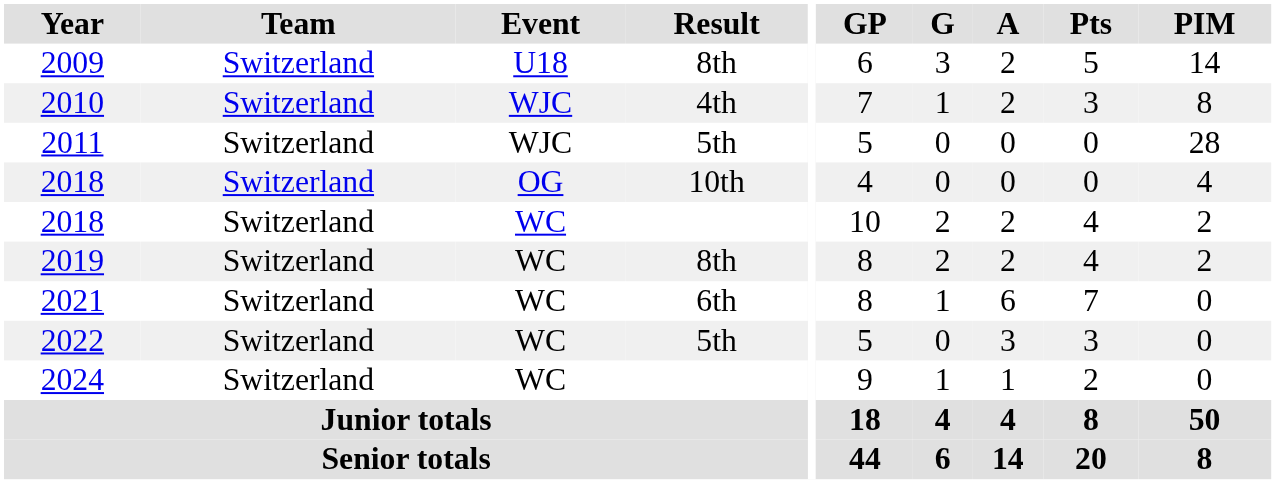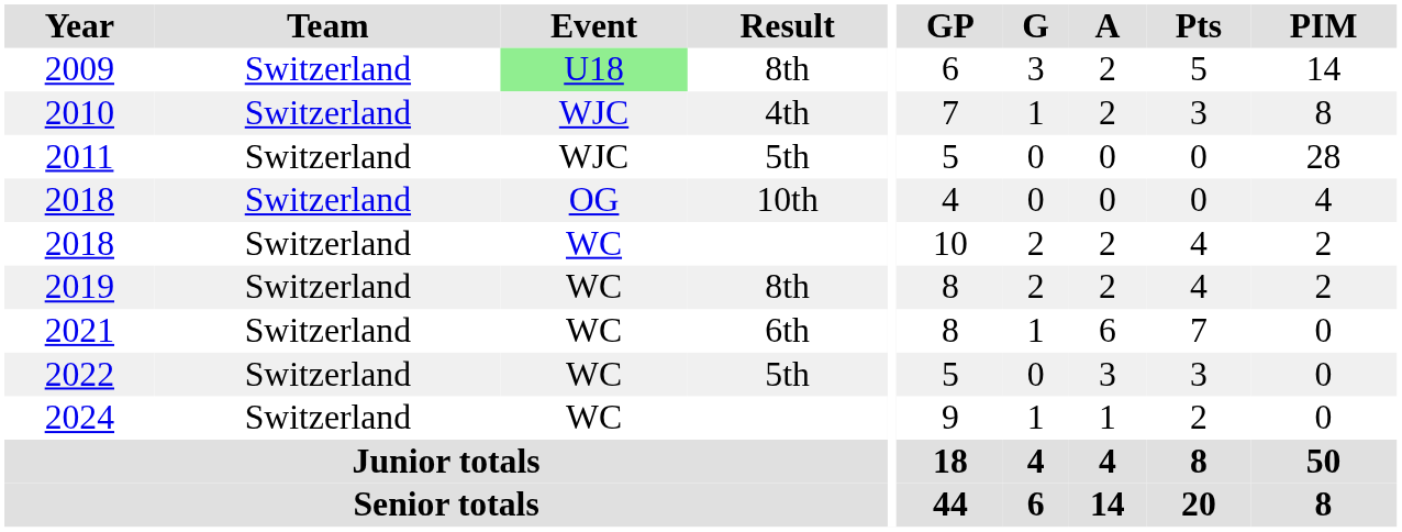 <table border="0" cellpadding="1" cellspacing="0" ID="Table3" style="text-align:center; width:40em">
 <tr ALIGN="center" bgcolor="#e0e0e0">
 <th>Year</th>
 <th>Team</th>
 <th>Event</th>
 <th>Result</th>
 <th rowspan="99" bgcolor="#ffffff"></th>
 <th>GP</th>
 <th>G</th>
 <th>A</th>
 <th>Pts</th>
 <th>PIM</th>
 </tr>
 <tr>
 <td><a href='#'>2009</a></td>
 <td><a href='#'>Switzerland</a></td>
-<td><a href='#'>U18</a></td>
+<td style="background: lightgreen;"><a href='#'>U18</a></td>
 <td>8th</td>
 <td>6</td>
 <td>3</td>
 <td>2</td>
 <td>5</td>
 <td>14</td>
 </tr>
 <tr bgcolor="#f0f0f0">
 <td><a href='#'>2010</a></td>
 <td><a href='#'>Switzerland</a></td>
 <td><a href='#'>WJC</a></td>
 <td>4th</td>
 <td>7</td>
 <td>1</td>
 <td>2</td>
 <td>3</td>
 <td>8</td>
 </tr>
 <tr>
 <td><a href='#'>2011</a></td>
 <td>Switzerland</td>
 <td>WJC</td>
 <td>5th</td>
 <td>5</td>
 <td>0</td>
 <td>0</td>
 <td>0</td>
 <td>28</td>
 </tr>
 <tr bgcolor="#f0f0f0">
 <td><a href='#'>2018</a></td>
 <td><a href='#'>Switzerland</a></td>
 <td><a href='#'>OG</a></td>
 <td>10th</td>
 <td>4</td>
 <td>0</td>
 <td>0</td>
 <td>0</td>
 <td>4</td>
 </tr>
 <tr>
 <td><a href='#'>2018</a></td>
 <td>Switzerland</td>
 <td><a href='#'>WC</a></td>
 <td></td>
 <td>10</td>
 <td>2</td>
 <td>2</td>
 <td>4</td>
 <td>2</td>
 </tr>
 <tr bgcolor="#f0f0f0">
 <td><a href='#'>2019</a></td>
 <td>Switzerland</td>
 <td>WC</td>
 <td>8th</td>
 <td>8</td>
 <td>2</td>
 <td>2</td>
 <td>4</td>
 <td>2</td>
 </tr>
 <tr>
 <td><a href='#'>2021</a></td>
 <td>Switzerland</td>
 <td>WC</td>
 <td>6th</td>
 <td>8</td>
 <td>1</td>
 <td>6</td>
 <td>7</td>
 <td>0</td>
 </tr>
 <tr bgcolor="#f0f0f0">
 <td><a href='#'>2022</a></td>
 <td>Switzerland</td>
 <td>WC</td>
 <td>5th</td>
 <td>5</td>
 <td>0</td>
 <td>3</td>
 <td>3</td>
 <td>0</td>
 </tr>
 <tr>
 <td><a href='#'>2024</a></td>
 <td>Switzerland</td>
 <td>WC</td>
 <td></td>
 <td>9</td>
 <td>1</td>
 <td>1</td>
 <td>2</td>
 <td>0</td>
 </tr>
 <tr bgcolor="#e0e0e0">
 <th colspan="4">Junior totals</th>
 <th>18</th>
 <th>4</th>
 <th>4</th>
 <th>8</th>
 <th>50</th>
 </tr>
 <tr bgcolor="#e0e0e0">
 <th colspan="4">Senior totals</th>
 <th>44</th>
 <th>6</th>
 <th>14</th>
 <th>20</th>
 <th>8</th>
 </tr>
 </table>
